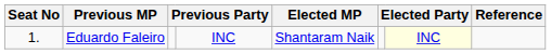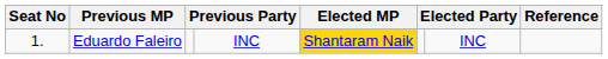 <table class="wikitable">
 <tr>
 <th>Seat No</th>
 <th>Previous MP</th>
 <th colspan=2>Previous Party</th>
 <th>Elected MP</th>
 <th colspan=2>Elected Party</th>
 <th>Reference</th>
 </tr>
 <tr style="text-align:center;">
 <td>1.</td>
 <td><a href='#'>Eduardo Faleiro</a></td>
 <td width="1px"></td>
 <td><a href='#'>INC</a></td>
-<td><a href='#'>Shantaram Naik</a></td>
+<td style="background: gold;"><a href='#'>Shantaram Naik</a></td>
 <td width="1px"></td>
-<td style="background: lightyellow;"><a href='#'>INC</a></td>
+<td><a href='#'>INC</a></td>
 <td></td>
 </tr>
 </table>
